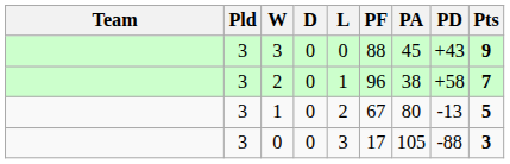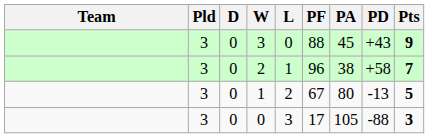 <table class="wikitable" style="text-align:center;">
 <tr>
 <th width=175>Team</th>
 <th width=20 abbr="Played">Pld</th>
+<th width=20 abbr="Drawn">D</th>
 <th width=20 abbr="Won">W</th>
-<th width=20 abbr="Drawn">D</th>
 <th width=20 abbr="Lost">L</th>
 <th width=20 abbr="Points for">PF</th>
 <th width=20 abbr="Points against">PA</th>
 <th width=25 abbr="Points difference">PD</th>
 <th width=20 abbr="Points">Pts</th>
 </tr>
 <tr bgcolor=ccffcc>
 <td align=left></td>
 <td>3</td>
+<td>0</td>
 <td>3</td>
-<td>0</td>
 <td>0</td>
 <td>88</td>
 <td>45</td>
 <td>+43</td>
 <td><strong>9</strong></td>
 </tr>
 <tr bgcolor=ccffcc>
 <td align=left></td>
 <td>3</td>
+<td>0</td>
 <td>2</td>
-<td>0</td>
 <td>1</td>
 <td>96</td>
 <td>38</td>
 <td>+58</td>
 <td><strong>7</strong></td>
 </tr>
 <tr>
 <td align=left></td>
 <td>3</td>
+<td>0</td>
 <td>1</td>
-<td>0</td>
 <td>2</td>
 <td>67</td>
 <td>80</td>
 <td>-13</td>
 <td><strong>5</strong></td>
 </tr>
 <tr>
 <td align=left></td>
 <td>3</td>
 <td>0</td>
 <td>0</td>
 <td>3</td>
 <td>17</td>
 <td>105</td>
 <td>-88</td>
 <td><strong>3</strong></td>
 </tr>
 </table>
